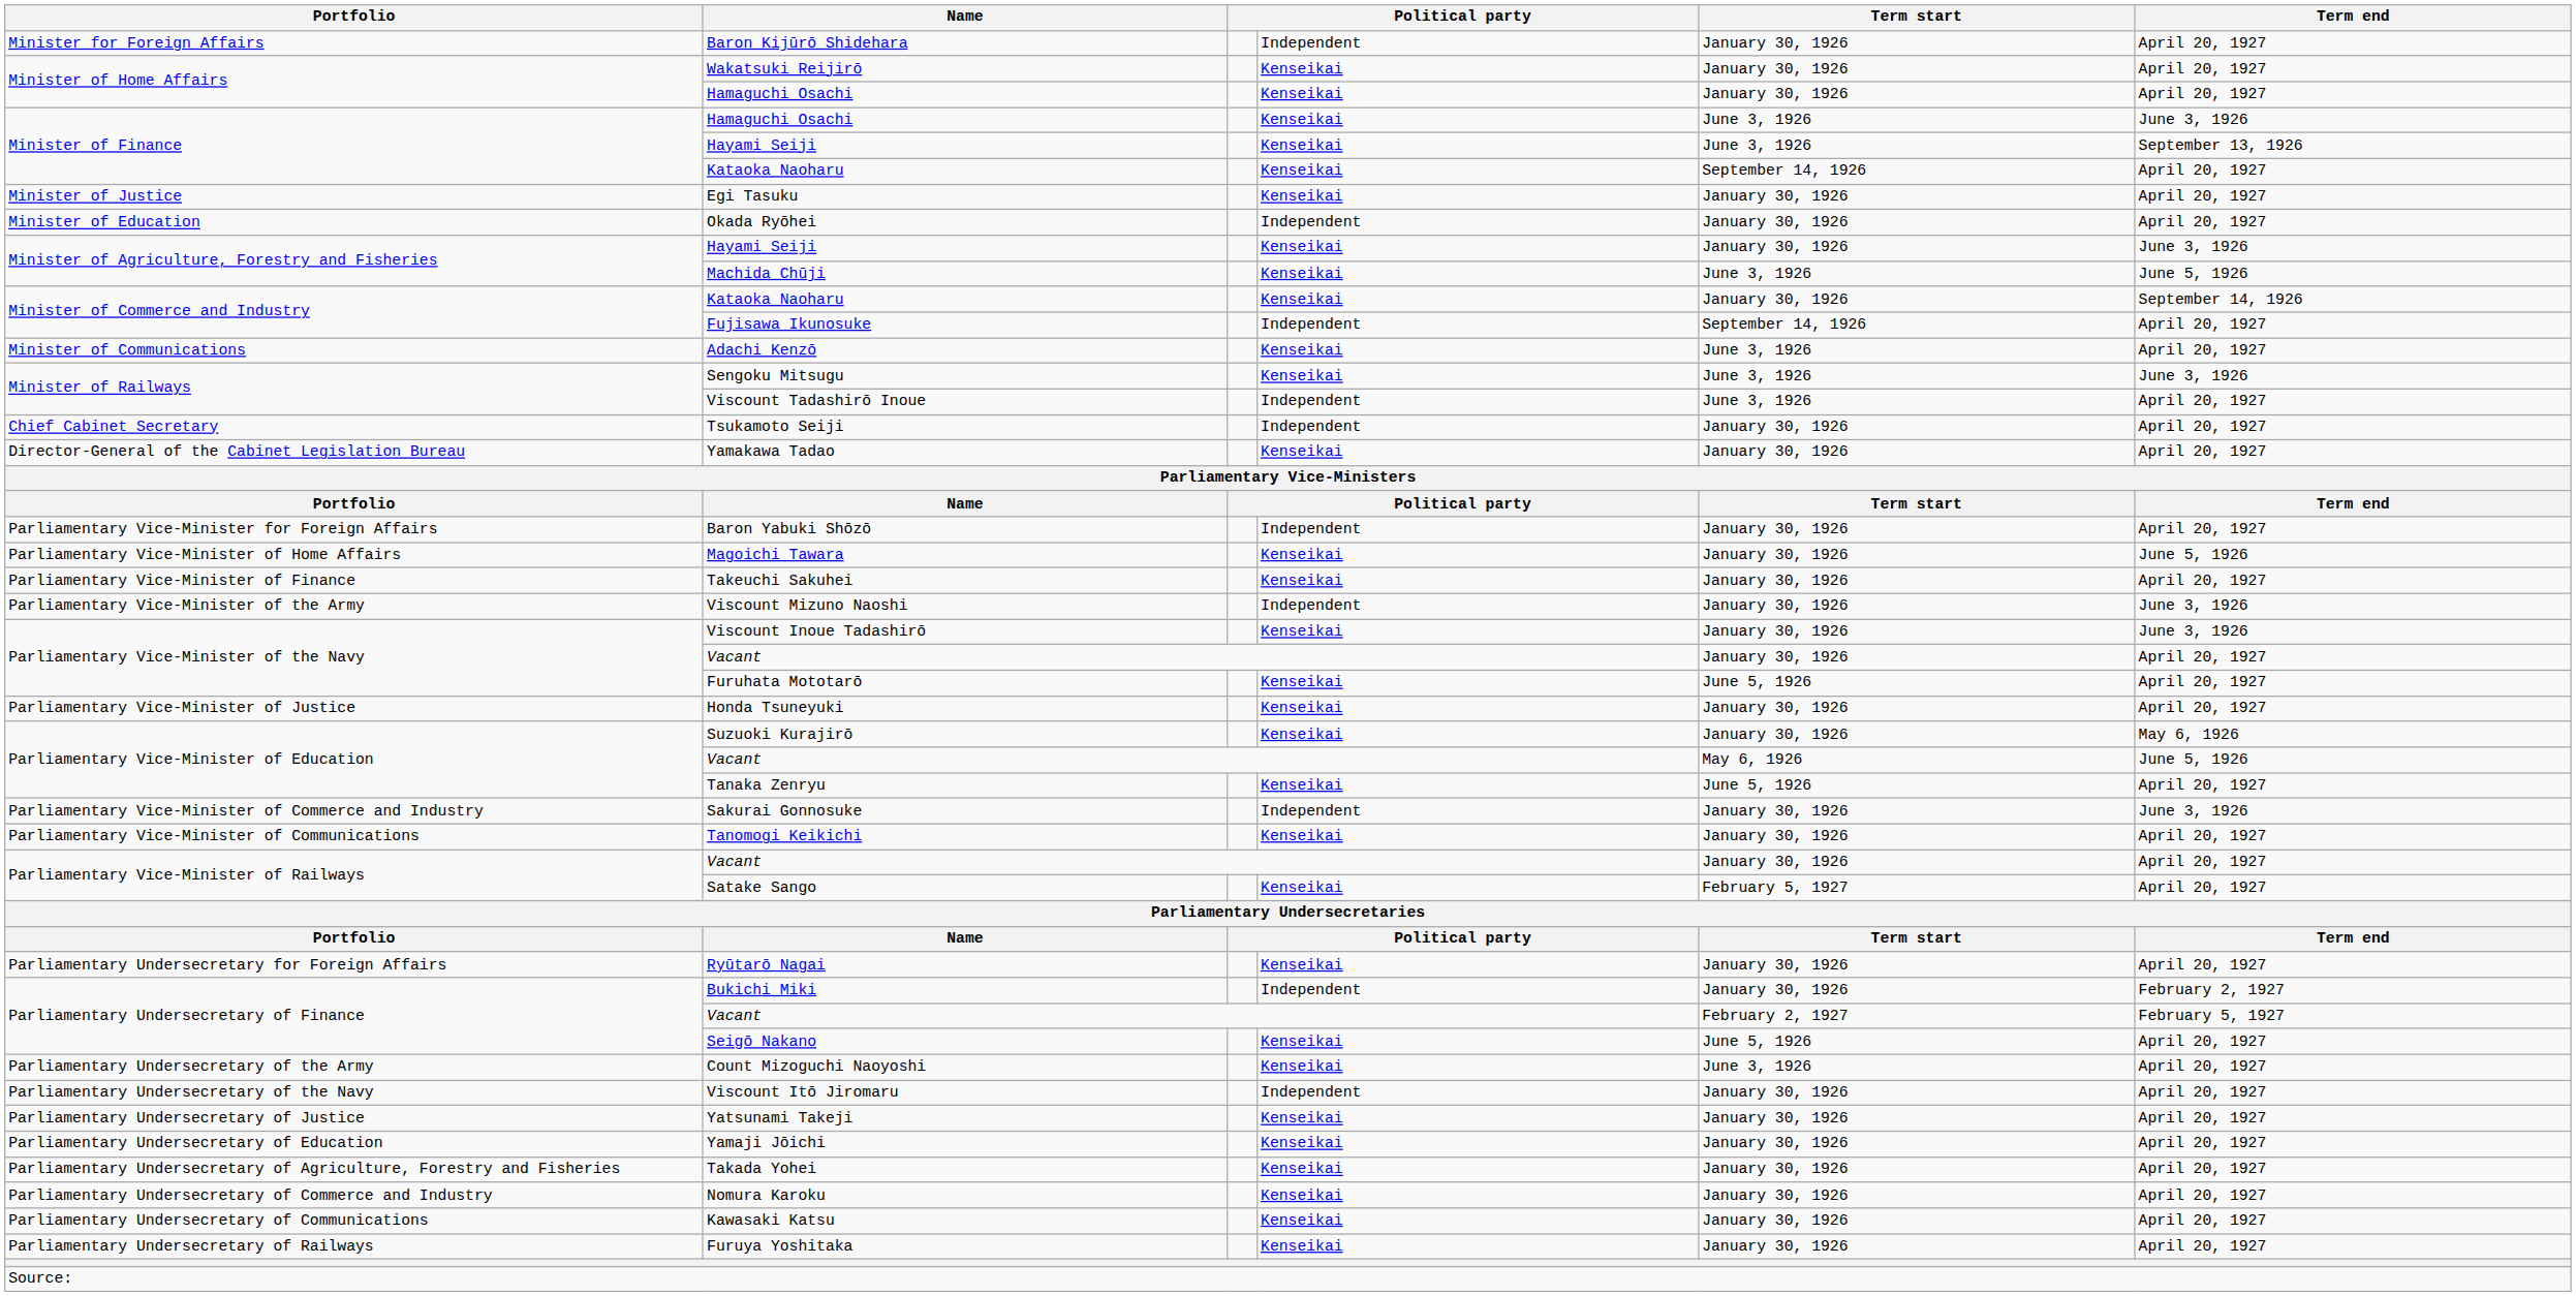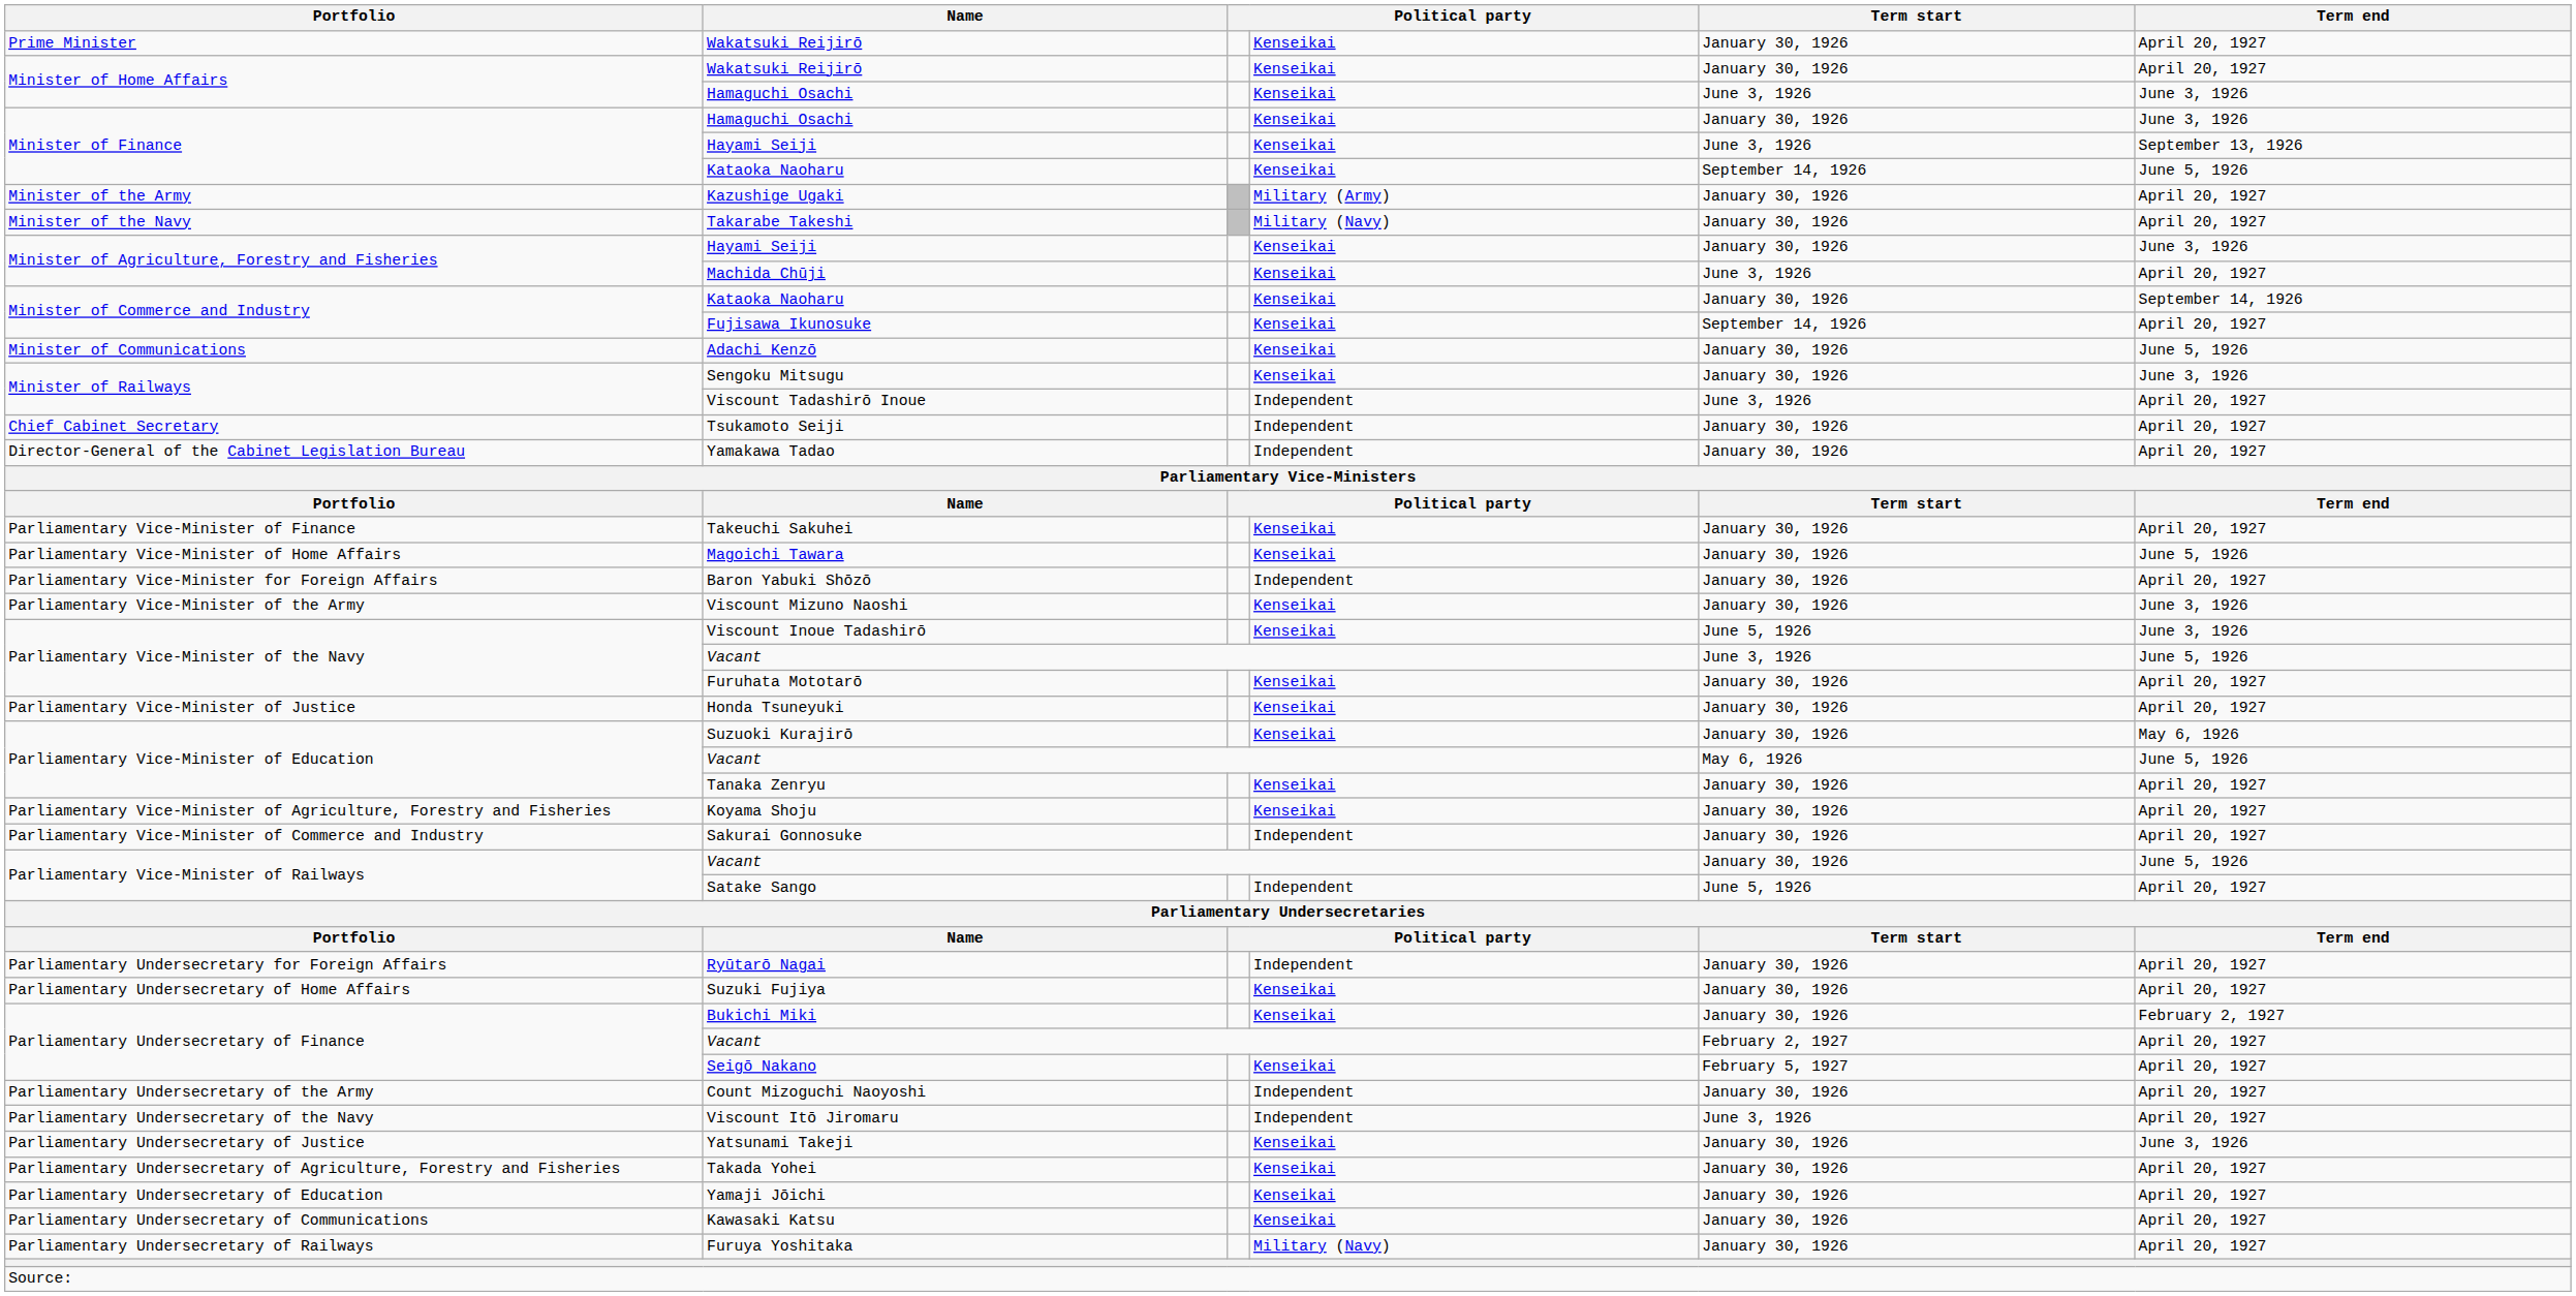 <table class="wikitable" style="font-size: 90%;">
 <tr>
 <th scope="col" width="20%">Portfolio</th>
 <th scope="col" width="15%">Name</th>
 <th colspan="2" scope="col" width="13.5%">Political party</th>
 <th scope="col" width="12.5%">Term start</th>
 <th scope="col" width="12.5%">Term end</th>
 </tr>
 <tr>
-<td><a href='#'>Minister for Foreign Affairs</a></td>
-<td><a href='#'>Baron Kijūrō Shidehara</a></td>
+<td style="text-align: left;"><a href='#'>Prime Minister</a></td>
+<td><a href='#'>Wakatsuki Reijirō</a></td>
 <td style="color:inherit;background:"></td>
-<td>Independent</td>
+<td><a href='#'>Kenseikai</a></td>
 <td>January 30, 1926</td>
 <td>April 20, 1927</td>
 </tr>
 <tr>
 <td rowspan="2"><a href='#'>Minister of Home Affairs</a></td>
 <td><a href='#'>Wakatsuki Reijirō</a></td>
 <td style="color:inherit;background:"></td>
 <td><a href='#'>Kenseikai</a></td>
 <td>January 30, 1926</td>
 <td>April 20, 1927</td>
 </tr>
 <tr>
 <td><a href='#'>Hamaguchi Osachi</a></td>
 <td style="color:inherit;background:"></td>
 <td><a href='#'>Kenseikai</a></td>
-<td>January 30, 1926</td>
-<td>April 20, 1927</td>
+<td>June 3, 1926</td>
+<td>June 3, 1926</td>
 </tr>
 <tr>
 <td rowspan="3"><a href='#'>Minister of Finance</a></td>
 <td><a href='#'>Hamaguchi Osachi</a></td>
 <td style="color:inherit;background:"></td>
 <td><a href='#'>Kenseikai</a></td>
-<td>June 3, 1926</td>
+<td>January 30, 1926</td>
 <td>June 3, 1926</td>
 </tr>
 <tr>
 <td><a href='#'>Hayami Seiji</a></td>
 <td style="color:inherit;background:"></td>
 <td><a href='#'>Kenseikai</a></td>
 <td>June 3, 1926</td>
 <td>September 13, 1926</td>
 </tr>
 <tr>
 <td><a href='#'>Kataoka Naoharu</a></td>
 <td style="color:inherit;background:"></td>
 <td><a href='#'>Kenseikai</a></td>
 <td>September 14, 1926</td>
-<td>April 20, 1927</td>
+<td>June 5, 1926</td>
 </tr>
 <tr>
-<td><a href='#'>Minister of Justice</a></td>
-<td>Egi Tasuku</td>
-<td style="color:inherit;background:"></td>
-<td><a href='#'>Kenseikai</a></td>
+<td><a href='#'>Minister of the Army</a></td>
+<td><a href='#'>Kazushige Ugaki</a></td>
+<td style="color:inherit;background:#bfbfbf"></td>
+<td><a href='#'>Military</a> (<a href='#'>Army</a>)</td>
 <td>January 30, 1926</td>
 <td>April 20, 1927</td>
 </tr>
 <tr>
-<td><a href='#'>Minister of Education</a></td>
-<td>Okada Ryōhei</td>
-<td style="color:inherit;background:"></td>
-<td>Independent</td>
+<td><a href='#'>Minister of the Navy</a></td>
+<td><a href='#'>Takarabe Takeshi</a></td>
+<td style="color:inherit;background:#bfbfbf"></td>
+<td><a href='#'>Military</a> (<a href='#'>Navy</a>)</td>
 <td>January 30, 1926</td>
 <td>April 20, 1927</td>
 </tr>
 <tr>
 <td rowspan="2"><a href='#'>Minister of Agriculture, Forestry and Fisheries</a></td>
 <td><a href='#'>Hayami Seiji</a></td>
 <td style="color:inherit;background:"></td>
 <td><a href='#'>Kenseikai</a></td>
 <td>January 30, 1926</td>
 <td>June 3, 1926</td>
 </tr>
 <tr>
 <td><a href='#'>Machida Chūji</a></td>
 <td style="color:inherit;background:"></td>
 <td><a href='#'>Kenseikai</a></td>
 <td>June 3, 1926</td>
-<td>June 5, 1926</td>
+<td>April 20, 1927</td>
 </tr>
 <tr>
 <td rowspan="2"><a href='#'>Minister of Commerce and Industry</a></td>
 <td><a href='#'>Kataoka Naoharu</a></td>
 <td style="color:inherit;background:"></td>
 <td><a href='#'>Kenseikai</a></td>
 <td>January 30, 1926</td>
 <td>September 14, 1926</td>
 </tr>
 <tr>
 <td><a href='#'>Fujisawa Ikunosuke</a></td>
 <td style="color:inherit;background:"></td>
-<td>Independent</td>
+<td><a href='#'>Kenseikai</a></td>
 <td>September 14, 1926</td>
 <td>April 20, 1927</td>
 </tr>
 <tr>
 <td><a href='#'>Minister of Communications</a></td>
 <td><a href='#'>Adachi Kenzō</a></td>
 <td style="color:inherit;background:"></td>
 <td><a href='#'>Kenseikai</a></td>
-<td>June 3, 1926</td>
-<td>April 20, 1927</td>
+<td>January 30, 1926</td>
+<td>June 5, 1926</td>
 </tr>
 <tr>
 <td rowspan="2"><a href='#'>Minister of Railways</a></td>
 <td>Sengoku Mitsugu</td>
 <td style="color:inherit;background:"></td>
 <td><a href='#'>Kenseikai</a></td>
-<td>June 3, 1926</td>
+<td>January 30, 1926</td>
 <td>June 3, 1926</td>
 </tr>
 <tr>
 <td>Viscount Tadashirō Inoue</td>
 <td style="color:inherit;background:"></td>
 <td>Independent</td>
 <td>June 3, 1926</td>
 <td>April 20, 1927</td>
 </tr>
 <tr>
 <td><a href='#'>Chief Cabinet Secretary</a></td>
 <td>Tsukamoto Seiji</td>
 <td style="color:inherit;background:"></td>
 <td>Independent</td>
 <td>January 30, 1926</td>
 <td>April 20, 1927</td>
 </tr>
 <tr>
 <td>Director-General of the <a href='#'>Cabinet Legislation Bureau</a></td>
 <td>Yamakawa Tadao</td>
 <td style="color:inherit;background:"></td>
-<td><a href='#'>Kenseikai</a></td>
+<td>Independent</td>
 <td>January 30, 1926</td>
 <td>April 20, 1927</td>
 </tr>
 <tr>
 <th colspan="6">Parliamentary Vice-Ministers</th>
 </tr>
 <tr>
 <th>Portfolio</th>
 <th>Name</th>
 <th colspan="2">Political party</th>
 <th>Term start</th>
 <th>Term end</th>
 </tr>
 <tr>
-<td>Parliamentary Vice-Minister for Foreign Affairs</td>
-<td>Baron Yabuki Shōzō</td>
+<td>Parliamentary Vice-Minister of Finance</td>
+<td>Takeuchi Sakuhei</td>
 <td style="color:inherit;background:"></td>
-<td>Independent</td>
+<td><a href='#'>Kenseikai</a></td>
 <td>January 30, 1926</td>
 <td>April 20, 1927</td>
 </tr>
 <tr>
 <td>Parliamentary Vice-Minister of Home Affairs</td>
 <td><a href='#'>Magoichi Tawara</a></td>
 <td style="color:inherit;background:"></td>
 <td><a href='#'>Kenseikai</a></td>
 <td>January 30, 1926</td>
 <td>June 5, 1926</td>
 </tr>
 <tr>
-<td>Parliamentary Vice-Minister of Finance</td>
-<td>Takeuchi Sakuhei</td>
+<td>Parliamentary Vice-Minister for Foreign Affairs</td>
+<td>Baron Yabuki Shōzō</td>
 <td style="color:inherit;background:"></td>
-<td><a href='#'>Kenseikai</a></td>
+<td>Independent</td>
 <td>January 30, 1926</td>
 <td>April 20, 1927</td>
 </tr>
 <tr>
 <td>Parliamentary Vice-Minister of the Army</td>
 <td>Viscount Mizuno Naoshi</td>
 <td style="color:inherit;background:"></td>
-<td>Independent</td>
+<td><a href='#'>Kenseikai</a></td>
 <td>January 30, 1926</td>
 <td>June 3, 1926</td>
 </tr>
 <tr>
 <td rowspan="3">Parliamentary Vice-Minister of the Navy</td>
 <td>Viscount Inoue Tadashirō</td>
 <td style="color:inherit;background:"></td>
 <td><a href='#'>Kenseikai</a></td>
-<td>January 30, 1926</td>
+<td>June 5, 1926</td>
 <td>June 3, 1926</td>
 </tr>
 <tr>
 <td colspan="3"><em>Vacant</em></td>
-<td>January 30, 1926</td>
-<td>April 20, 1927</td>
+<td>June 3, 1926</td>
+<td>June 5, 1926</td>
 </tr>
 <tr>
 <td>Furuhata Mototarō</td>
 <td style="color:inherit;background:"></td>
 <td><a href='#'>Kenseikai</a></td>
-<td>June 5, 1926</td>
+<td>January 30, 1926</td>
 <td>April 20, 1927</td>
 </tr>
 <tr>
 <td>Parliamentary Vice-Minister of Justice</td>
 <td>Honda Tsuneyuki</td>
 <td style="color:inherit;background:"></td>
 <td><a href='#'>Kenseikai</a></td>
 <td>January 30, 1926</td>
 <td>April 20, 1927</td>
 </tr>
 <tr>
 <td rowspan="3">Parliamentary Vice-Minister of Education</td>
 <td>Suzuoki Kurajirō</td>
 <td style="color:inherit;background:"></td>
 <td><a href='#'>Kenseikai</a></td>
 <td>January 30, 1926</td>
 <td>May 6, 1926</td>
 </tr>
 <tr>
 <td colspan="3"><em>Vacant</em></td>
 <td>May 6, 1926</td>
 <td>June 5, 1926</td>
 </tr>
 <tr>
 <td>Tanaka Zenryu</td>
 <td style="color:inherit;background:"></td>
 <td><a href='#'>Kenseikai</a></td>
-<td>June 5, 1926</td>
+<td>January 30, 1926</td>
+<td>April 20, 1927</td>
+</tr>
+<tr>
+<td>Parliamentary Vice-Minister of Agriculture, Forestry and Fisheries</td>
+<td>Koyama Shoju</td>
+<td style="color:inherit;background:"></td>
+<td><a href='#'>Kenseikai</a></td>
+<td>January 30, 1926</td>
 <td>April 20, 1927</td>
 </tr>
 <tr>
 <td>Parliamentary Vice-Minister of Commerce and Industry</td>
 <td>Sakurai Gonnosuke</td>
 <td style="color:inherit;background:"></td>
 <td>Independent</td>
 <td>January 30, 1926</td>
-<td>June 3, 1926</td>
-</tr>
-<tr>
-<td>Parliamentary Vice-Minister of Communications</td>
-<td><a href='#'>Tanomogi Keikichi</a></td>
-<td style="color:inherit;background:"></td>
-<td><a href='#'>Kenseikai</a></td>
-<td>January 30, 1926</td>
 <td>April 20, 1927</td>
 </tr>
 <tr>
 <td rowspan="2">Parliamentary Vice-Minister of Railways</td>
 <td colspan="3"><em>Vacant</em></td>
 <td>January 30, 1926</td>
-<td>April 20, 1927</td>
+<td>June 5, 1926</td>
 </tr>
 <tr>
 <td>Satake Sango</td>
 <td style="color:inherit;background:"></td>
-<td><a href='#'>Kenseikai</a></td>
-<td>February 5, 1927</td>
+<td>Independent</td>
+<td>June 5, 1926</td>
 <td>April 20, 1927</td>
 </tr>
 <tr>
 <th colspan="6">Parliamentary Undersecretaries</th>
 </tr>
 <tr>
 <th>Portfolio</th>
 <th>Name</th>
 <th colspan="2">Political party</th>
 <th>Term start</th>
 <th>Term end</th>
 </tr>
 <tr>
 <td>Parliamentary Undersecretary for Foreign Affairs</td>
 <td><a href='#'>Ryūtarō Nagai</a></td>
 <td style="color:inherit;background:"></td>
+<td>Independent</td>
+<td>January 30, 1926</td>
+<td>April 20, 1927</td>
+</tr>
+<tr>
+<td>Parliamentary Undersecretary of Home Affairs</td>
+<td>Suzuki Fujiya</td>
+<td style="color:inherit;background:"></td>
 <td><a href='#'>Kenseikai</a></td>
 <td>January 30, 1926</td>
 <td>April 20, 1927</td>
 </tr>
 <tr>
 <td rowspan="3">Parliamentary Undersecretary of Finance</td>
 <td><a href='#'>Bukichi Miki</a></td>
 <td style="color:inherit;background:"></td>
-<td>Independent</td>
+<td><a href='#'>Kenseikai</a></td>
 <td>January 30, 1926</td>
 <td>February 2, 1927</td>
 </tr>
 <tr>
 <td colspan="3"><em>Vacant</em></td>
 <td>February 2, 1927</td>
-<td>February 5, 1927</td>
+<td>April 20, 1927</td>
 </tr>
 <tr>
 <td><a href='#'>Seigō Nakano</a></td>
 <td style="color:inherit;background:"></td>
 <td><a href='#'>Kenseikai</a></td>
-<td>June 5, 1926</td>
+<td>February 5, 1927</td>
 <td>April 20, 1927</td>
 </tr>
 <tr>
 <td>Parliamentary Undersecretary of the Army</td>
 <td>Count Mizoguchi Naoyoshi</td>
 <td style="color:inherit;background:"></td>
-<td><a href='#'>Kenseikai</a></td>
-<td>June 3, 1926</td>
+<td>Independent</td>
+<td>January 30, 1926</td>
 <td>April 20, 1927</td>
 </tr>
 <tr>
 <td>Parliamentary Undersecretary of the Navy</td>
 <td>Viscount Itō Jiromaru</td>
 <td style="color:inherit;background:"></td>
 <td>Independent</td>
-<td>January 30, 1926</td>
+<td>June 3, 1926</td>
 <td>April 20, 1927</td>
 </tr>
 <tr>
 <td>Parliamentary Undersecretary of Justice</td>
 <td>Yatsunami Takeji</td>
 <td style="color:inherit;background:"></td>
 <td><a href='#'>Kenseikai</a></td>
 <td>January 30, 1926</td>
-<td>April 20, 1927</td>
-</tr>
-<tr>
-<td>Parliamentary Undersecretary of Education</td>
-<td>Yamaji Jōichi</td>
-<td style="color:inherit;background:"></td>
-<td><a href='#'>Kenseikai</a></td>
-<td>January 30, 1926</td>
-<td>April 20, 1927</td>
+<td>June 3, 1926</td>
 </tr>
 <tr>
 <td>Parliamentary Undersecretary of Agriculture, Forestry and Fisheries</td>
 <td>Takada Yohei</td>
 <td style="color:inherit;background:"></td>
 <td><a href='#'>Kenseikai</a></td>
 <td>January 30, 1926</td>
 <td>April 20, 1927</td>
 </tr>
 <tr>
-<td>Parliamentary Undersecretary of Commerce and Industry</td>
-<td>Nomura Karoku</td>
+<td>Parliamentary Undersecretary of Education</td>
+<td>Yamaji Jōichi</td>
 <td style="color:inherit;background:"></td>
 <td><a href='#'>Kenseikai</a></td>
 <td>January 30, 1926</td>
 <td>April 20, 1927</td>
 </tr>
 <tr>
 <td>Parliamentary Undersecretary of Communications</td>
 <td>Kawasaki Katsu</td>
 <td style="color:inherit;background:"></td>
 <td><a href='#'>Kenseikai</a></td>
 <td>January 30, 1926</td>
 <td>April 20, 1927</td>
 </tr>
 <tr>
 <td>Parliamentary Undersecretary of Railways</td>
 <td>Furuya Yoshitaka</td>
 <td style="color:inherit;background:"></td>
-<td><a href='#'>Kenseikai</a></td>
+<td><a href='#'>Military</a> (<a href='#'>Navy</a>)</td>
 <td>January 30, 1926</td>
 <td>April 20, 1927</td>
 </tr>
 <tr>
 <th colspan="6"></th>
 </tr>
 <tr>
 <td colspan="6">Source:</td>
 </tr>
 </table>
